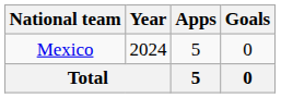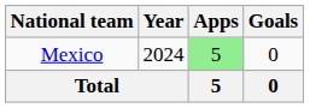 <table class="wikitable" style="text-align:center">
 <tr>
 <th>National team</th>
 <th>Year</th>
 <th>Apps</th>
 <th>Goals</th>
 </tr>
 <tr>
 <td rowspan="1"><a href='#'>Mexico</a></td>
 <td>2024</td>
-<td>5</td>
+<td style="background: lightgreen;">5</td>
 <td>0</td>
 </tr>
 <tr>
 <th colspan="2">Total</th>
 <th>5</th>
 <th>0</th>
 </tr>
 </table>
